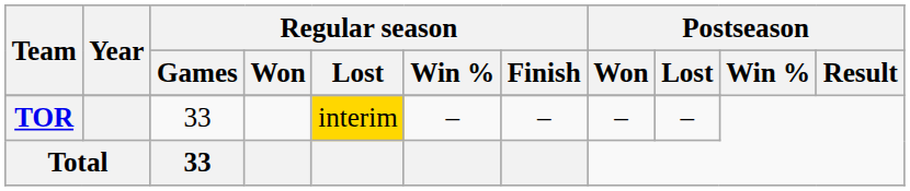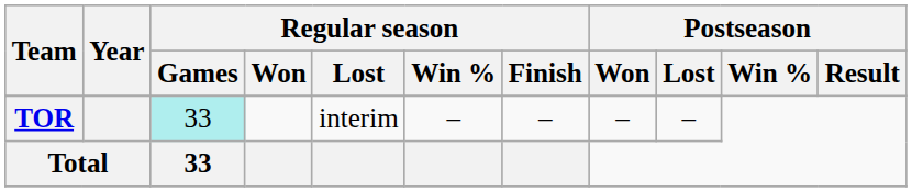 <table class="wikitable" style="font-size: 95%; text-align:center;">
 <tr>
 <th rowspan="2">Team</th>
 <th rowspan="2">Year</th>
 <th colspan="5">Regular season</th>
 <th colspan="4">Postseason</th>
 </tr>
 <tr>
 <th>Games</th>
 <th>Won</th>
 <th>Lost</th>
 <th>Win %</th>
 <th>Finish</th>
 <th>Won</th>
 <th>Lost</th>
 <th>Win %</th>
 <th>Result</th>
 </tr>
 <tr>
 </tr>
 <tr>
 <th><a href='#'>TOR</a></th>
 <th></th>
-<td>33</td>
+<td style="background: paleturquoise;">33</td>
 <td></td>
-<td style="background: gold;">interim</td>
+<td>interim</td>
 <td>–</td>
 <td>–</td>
 <td>–</td>
 <td>–</td>
 </tr>
 <tr>
 <th colspan="2">Total</th>
 <th>33</th>
 <th></th>
 <th></th>
 <th></th>
 <th></th>
 </tr>
 </table>
